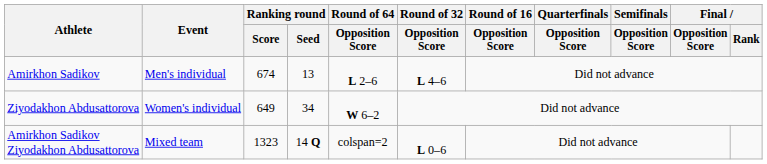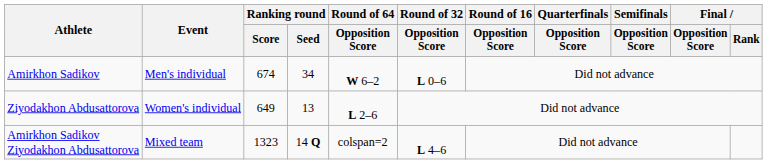 <table class="wikitable" style="font-size:90%; text-align:center">
 <tr>
 <th rowspan=2>Athlete</th>
 <th rowspan=2>Event</th>
 <th colspan="2">Ranking round</th>
 <th>Round of 64</th>
 <th>Round of 32</th>
 <th>Round of 16</th>
 <th>Quarterfinals</th>
 <th>Semifinals</th>
 <th colspan="2">Final / </th>
 </tr>
 <tr style="font-size:95%">
 <th>Score</th>
 <th>Seed</th>
 <th>Opposition<br>Score</th>
 <th>Opposition<br>Score</th>
 <th>Opposition<br>Score</th>
 <th>Opposition<br>Score</th>
 <th>Opposition<br>Score</th>
 <th>Opposition<br>Score</th>
 <th>Rank</th>
 </tr>
 <tr align=center>
 <td align=left><a href='#'>Amirkhon Sadikov</a></td>
 <td align=left><a href='#'>Men's individual</a></td>
 <td>674</td>
-<td>13</td>
-<td><br><strong>L</strong> 2–6</td>
-<td><br><strong>L</strong> 4–6</td>
+<td>34</td>
+<td><br><strong>W</strong> 6–2</td>
+<td><br><strong>L</strong> 0–6</td>
 <td colspan="5">Did not advance</td>
 </tr>
 <tr align=center>
 <td align=left><a href='#'>Ziyodakhon Abdusattorova</a></td>
 <td align=left><a href='#'>Women's individual</a></td>
 <td>649</td>
-<td>34</td>
-<td><br><strong>W</strong> 6–2</td>
+<td>13</td>
+<td><br><strong>L</strong> 2–6</td>
 <td colspan="6">Did not advance</td>
 </tr>
 <tr align=center>
 <td align=left><a href='#'>Amirkhon Sadikov</a><br><a href='#'>Ziyodakhon Abdusattorova</a></td>
 <td align=left><a href='#'>Mixed team</a></td>
 <td>1323</td>
 <td>14 <strong>Q</strong></td>
 <td>colspan=2 </td>
-<td><br><strong>L</strong> 0–6</td>
+<td><br><strong>L</strong> 4–6</td>
 <td colspan="4">Did not advance</td>
 </tr>
 </table>
